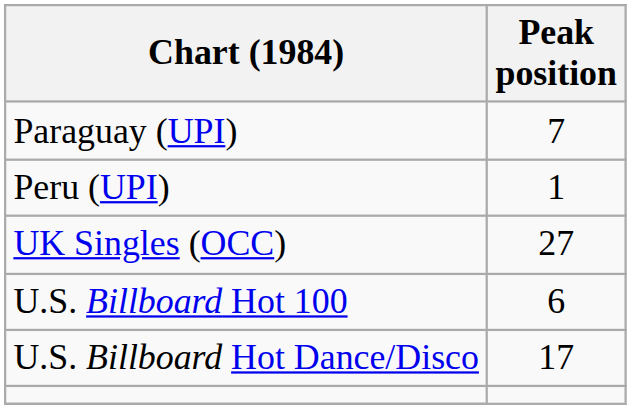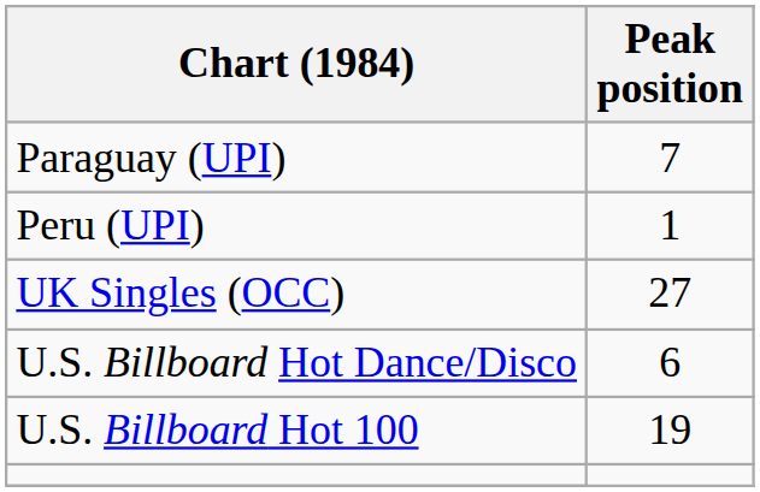 <table class="wikitable sortable">
 <tr>
 <th>Chart (1984)</th>
 <th>Peak<br>position</th>
 </tr>
 <tr>
 <td>Paraguay (<a href='#'>UPI</a>)</td>
 <td align="center">7</td>
 </tr>
 <tr>
 <td>Peru (<a href='#'>UPI</a>)</td>
 <td align="center">1</td>
 </tr>
 <tr>
 <td align="left"><a href='#'>UK Singles</a> (<a href='#'>OCC</a>)</td>
 <td align="center">27</td>
 </tr>
 <tr>
-<td>U.S. <a href='#'><em>Billboard</em> Hot 100</a></td>
+<td>U.S. <em>Billboard</em> <a href='#'>Hot Dance/Disco</a></td>
 <td align="center">6</td>
 </tr>
 <tr>
-<td>U.S. <em>Billboard</em> <a href='#'>Hot Dance/Disco</a></td>
-<td align="center">17</td>
+<td>U.S. <a href='#'><em>Billboard</em> Hot 100</a></td>
+<td align="center">19</td>
 </tr>
 <tr>
 <td></td>
 </tr>
 <tr>
 </tr>
 </table>
